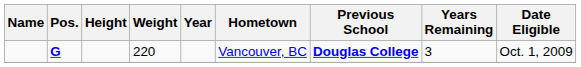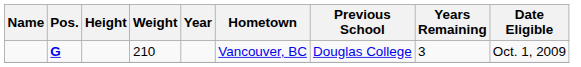 <table class="wikitable sortable" border="1">
 <tr>
 <th>Name</th>
 <th>Pos.</th>
 <th>Height</th>
 <th>Weight</th>
 <th>Year</th>
 <th>Hometown</th>
 <th class="unsortable">Previous<br>School</th>
 <th class="unsortable">Years<br>Remaining</th>
 <th class="unsortable">Date<br>Eligible</th>
 </tr>
 <tr>
 <td></td>
 <td><strong><a href='#'>G</a></strong></td>
 <td></td>
-<td>220</td>
+<td>210</td>
 <td></td>
 <td><a href='#'>Vancouver, BC</a></td>
-<td><strong><a href='#'>Douglas College</a></strong></td>
+<td><a href='#'>Douglas College</a></td>
 <td>3</td>
 <td>Oct. 1, 2009</td>
 </tr>
 <tr>
 </tr>
 </table>
